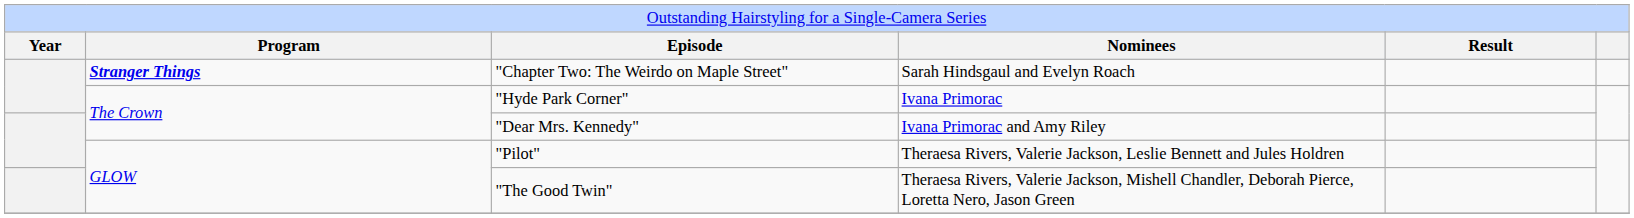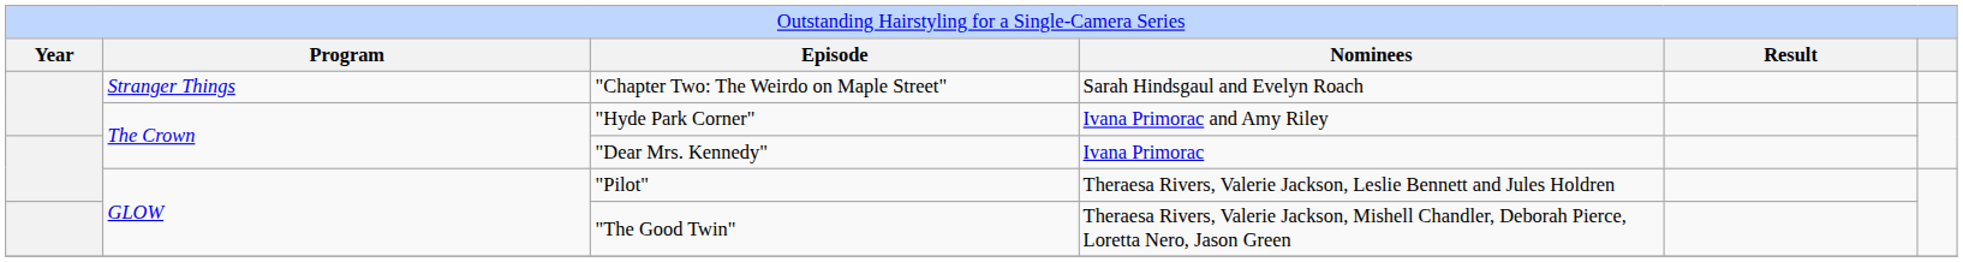 <table class="wikitable plainrowheaders" style="font-size: 90%" width=90%>
 <tr ---- bgcolor="#bfd7ff">
 <td colspan=6 align=center><a href='#'>Outstanding Hairstyling for a Single-Camera Series</a></td>
 </tr>
 <tr ---- bgcolor="#ebf5ff">
 <th width="5%">Year</th>
 <th width="25%">Program</th>
 <th width="25%">Episode</th>
 <th width="30%">Nominees</th>
 <th width="13%">Result</th>
 <th width="5%"></th>
 </tr>
 <tr>
 <th rowspan="2" scope=row></th>
-<td><strong><em><a href='#'>Stranger Things</a></em></strong></td>
+<td><em><a href='#'>Stranger Things</a></em></td>
 <td>"Chapter Two: The Weirdo on Maple Street"</td>
 <td>Sarah Hindsgaul and Evelyn Roach</td>
 <td></td>
 <td></td>
 </tr>
 <tr>
 <td rowspan="2"><em><a href='#'>The Crown</a></em></td>
 <td>"Hyde Park Corner"</td>
-<td><a href='#'>Ivana Primorac</a></td>
+<td><a href='#'>Ivana Primorac</a> and Amy Riley</td>
 <td></td>
 <td rowspan="2"></td>
 </tr>
 <tr>
 <th rowspan="2" scope=row></th>
 <td>"Dear Mrs. Kennedy"</td>
-<td><a href='#'>Ivana Primorac</a> and Amy Riley</td>
+<td><a href='#'>Ivana Primorac</a></td>
 <td></td>
 </tr>
 <tr>
 <td rowspan="2"><em><a href='#'>GLOW</a></em></td>
 <td>"Pilot"</td>
 <td>Theraesa Rivers, Valerie Jackson, Leslie Bennett and Jules Holdren</td>
 <td></td>
 <td rowspan="2"></td>
 </tr>
 <tr>
 <th scope=row></th>
 <td>"The Good Twin"</td>
 <td>Theraesa Rivers, Valerie Jackson, Mishell Chandler, Deborah Pierce, Loretta Nero, Jason Green</td>
 <td></td>
 </tr>
 <tr>
 </tr>
 </table>
